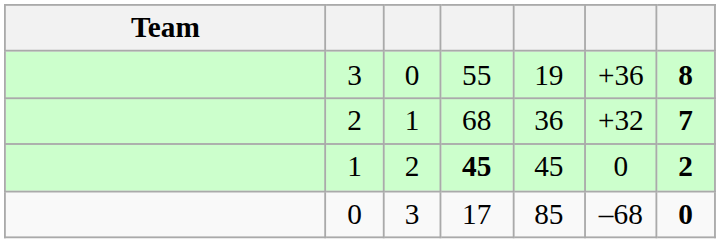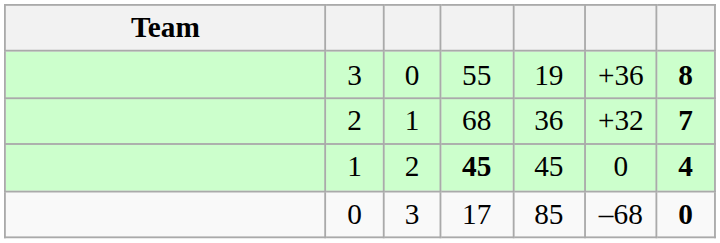 <table class="wikitable" style="text-align:center;">
 <tr>
 <th style="width:10.5em;">Team</th>
 <th style="width:1.5em;"></th>
 <th style="width:1.5em;"></th>
 <th style="width:2.0em;"></th>
 <th style="width:2.0em;"></th>
 <th style="width:2.0em;"></th>
 <th style="width:1.5em;"></th>
 </tr>
 <tr bgcolor=#cfc>
 <td align="left"></td>
 <td>3</td>
 <td>0</td>
 <td>55</td>
 <td>19</td>
 <td>+36</td>
 <td><strong>8</strong></td>
 </tr>
 <tr bgcolor=#cfc>
 <td align="left"></td>
 <td>2</td>
 <td>1</td>
 <td>68</td>
 <td>36</td>
 <td>+32</td>
 <td><strong>7</strong></td>
 </tr>
 <tr bgcolor=#cfc>
 <td align="left"></td>
 <td>1</td>
 <td>2</td>
 <td><strong>45</strong></td>
 <td>45</td>
 <td>0</td>
-<td><strong>2</strong></td>
+<td><strong>4</strong></td>
 </tr>
 <tr>
 <td align="left"></td>
 <td>0</td>
 <td>3</td>
 <td>17</td>
 <td>85</td>
 <td>–68</td>
 <td><strong>0</strong></td>
 </tr>
 </table>
